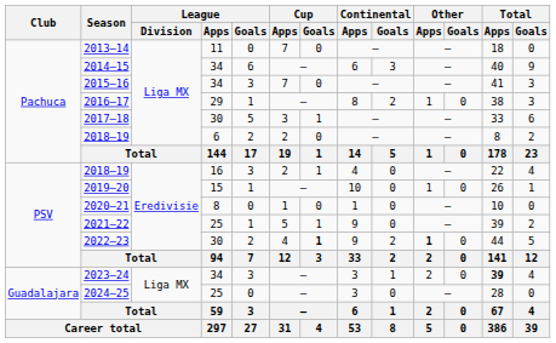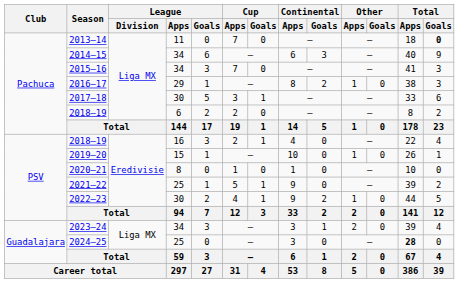 <table class="wikitable" style="text-align: center;">
 <tr>
 <th rowspan="2">Club</th>
 <th rowspan="2">Season</th>
 <th colspan="3">League</th>
 <th colspan="2">Cup</th>
 <th colspan="2">Continental</th>
 <th colspan="2">Other</th>
 <th colspan="2">Total</th>
 </tr>
 <tr>
 <th>Division</th>
 <th>Apps</th>
 <th>Goals</th>
 <th>Apps</th>
 <th>Goals</th>
 <th>Apps</th>
 <th>Goals</th>
 <th>Apps</th>
 <th>Goals</th>
 <th>Apps</th>
 <th>Goals</th>
 </tr>
 <tr>
 <td rowspan="7"><a href='#'>Pachuca</a></td>
 <td><a href='#'>2013–14</a></td>
 <td rowspan="6"><a href='#'>Liga MX</a></td>
 <td>11</td>
 <td>0</td>
 <td>7</td>
 <td>0</td>
 <td colspan="2">—</td>
 <td colspan="2">—</td>
 <td>18</td>
-<td>0</td>
+<td><strong>0</strong></td>
 </tr>
 <tr>
 <td><a href='#'>2014–15</a></td>
 <td>34</td>
 <td>6</td>
 <td colspan="2">—</td>
 <td>6</td>
 <td>3</td>
 <td colspan="2">—</td>
 <td>40</td>
 <td>9</td>
 </tr>
 <tr>
 <td><a href='#'>2015–16</a></td>
 <td>34</td>
 <td>3</td>
 <td>7</td>
 <td>0</td>
 <td colspan="2">—</td>
 <td colspan="2">—</td>
 <td>41</td>
 <td>3</td>
 </tr>
 <tr>
 <td><a href='#'>2016–17</a></td>
 <td>29</td>
 <td>1</td>
 <td colspan="2">—</td>
 <td>8</td>
 <td>2</td>
 <td>1</td>
 <td>0</td>
 <td>38</td>
 <td>3</td>
 </tr>
 <tr>
 <td><a href='#'>2017–18</a></td>
 <td>30</td>
 <td>5</td>
 <td>3</td>
 <td>1</td>
 <td colspan="2">—</td>
 <td colspan="2">—</td>
 <td>33</td>
 <td>6</td>
 </tr>
 <tr>
 <td><a href='#'>2018–19</a></td>
 <td>6</td>
 <td>2</td>
 <td>2</td>
 <td>0</td>
 <td colspan="2">—</td>
 <td colspan="2">—</td>
 <td>8</td>
 <td>2</td>
 </tr>
 <tr>
 <th colspan="2">Total</th>
 <th>144</th>
 <th>17</th>
 <th>19</th>
 <th>1</th>
 <th>14</th>
 <th>5</th>
 <th>1</th>
 <th>0</th>
 <th>178</th>
 <th>23</th>
 </tr>
 <tr>
 <td rowspan="6"><a href='#'>PSV</a></td>
 <td><a href='#'>2018–19</a></td>
 <td rowspan="5"><a href='#'>Eredivisie</a></td>
 <td>16</td>
 <td>3</td>
 <td>2</td>
 <td>1</td>
 <td>4</td>
 <td>0</td>
 <td colspan="2">—</td>
 <td>22</td>
 <td>4</td>
 </tr>
 <tr>
 <td><a href='#'>2019–20</a></td>
 <td>15</td>
 <td>1</td>
 <td colspan="2">—</td>
 <td>10</td>
 <td>0</td>
 <td>1</td>
 <td>0</td>
 <td>26</td>
 <td>1</td>
 </tr>
 <tr>
 <td><a href='#'>2020–21</a></td>
 <td>8</td>
 <td>0</td>
 <td>1</td>
 <td>0</td>
 <td>1</td>
 <td>0</td>
 <td colspan="2">—</td>
 <td>10</td>
 <td>0</td>
 </tr>
 <tr>
 <td><a href='#'>2021–22</a></td>
 <td>25</td>
 <td>1</td>
 <td>5</td>
 <td>1</td>
 <td>9</td>
 <td>0</td>
 <td colspan="2">—</td>
 <td>39</td>
 <td>2</td>
 </tr>
 <tr>
 <td><a href='#'>2022–23</a></td>
 <td>30</td>
 <td>2</td>
 <td>4</td>
-<td><strong>1</strong></td>
+<td>1</td>
 <td>9</td>
 <td>2</td>
-<td><strong>1</strong></td>
+<td>1</td>
 <td>0</td>
 <td>44</td>
 <td>5</td>
 </tr>
 <tr>
 <th colspan="2">Total</th>
 <th>94</th>
 <th>7</th>
 <th>12</th>
 <th>3</th>
 <th>33</th>
 <th>2</th>
 <th>2</th>
 <th>0</th>
 <th>141</th>
 <th>12</th>
 </tr>
 <tr>
 <td rowspan="3"><a href='#'>Guadalajara</a></td>
 <td><a href='#'>2023–24</a></td>
 <td rowspan="2">Liga MX</td>
 <td>34</td>
 <td>3</td>
 <td colspan="2">—</td>
 <td>3</td>
 <td>1</td>
 <td>2</td>
 <td>0</td>
-<td><strong>39</strong></td>
+<td>39</td>
 <td>4</td>
 </tr>
 <tr>
 <td><a href='#'>2024–25</a></td>
 <td>25</td>
 <td>0</td>
 <td colspan="2">—</td>
 <td>3</td>
 <td>0</td>
 <td colspan="2">—</td>
-<td>28</td>
+<td><strong>28</strong></td>
 <td>0</td>
 </tr>
 <tr>
 <th colspan="2">Total</th>
 <th>59</th>
 <th>3</th>
 <th colspan="2">—</th>
 <th>6</th>
 <th>1</th>
 <th>2</th>
 <th>0</th>
 <th>67</th>
 <th>4</th>
 </tr>
 <tr>
 <th colspan="3">Career total</th>
 <th>297</th>
 <th>27</th>
 <th>31</th>
 <th>4</th>
 <th>53</th>
 <th>8</th>
 <th>5</th>
 <th>0</th>
 <th>386</th>
 <th>39</th>
 </tr>
 </table>
